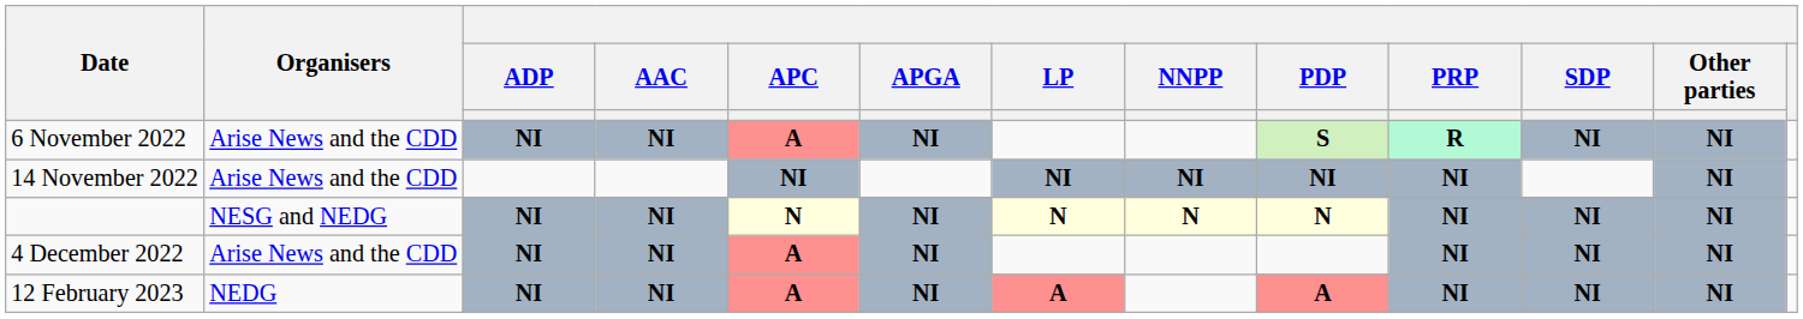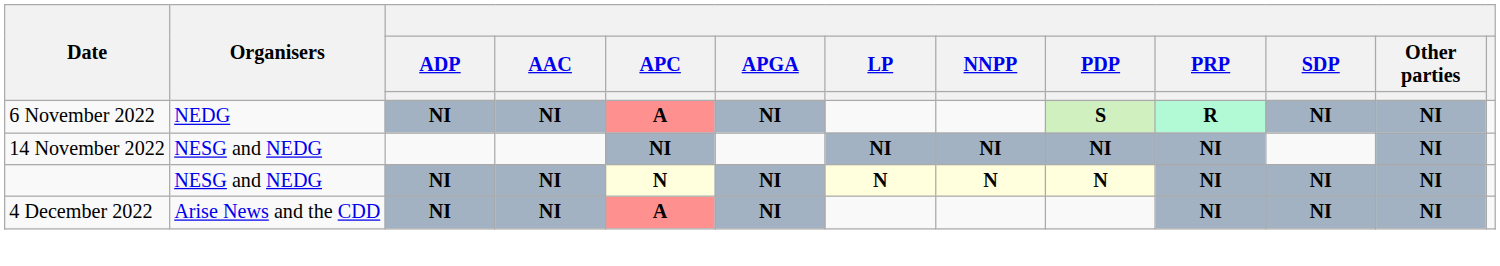 <table class="wikitable" style="text-align:center;">
 <tr>
 <th rowspan="3">Date</th>
 <th rowspan="3">Organisers</th>
 <th colspan="11">      <br>     </th>
 </tr>
 <tr>
 <th scope="col" style="width:5em;"><a href='#'>ADP</a></th>
 <th scope="col" style="width:5em;"><a href='#'>AAC</a></th>
 <th scope="col" style="width:5em;"><a href='#'>APC</a></th>
 <th scope="col" style="width:5em;"><a href='#'>APGA</a></th>
 <th scope="col" style="width:5em;"><a href='#'>LP</a></th>
 <th scope="col" style="width:5em;"><a href='#'>NNPP</a></th>
 <th scope="col" style="width:5em;"><a href='#'>PDP</a></th>
 <th scope="col" style="width:5em;"><a href='#'>PRP</a></th>
 <th scope="col" style="width:5em;"><a href='#'>SDP</a></th>
 <th scope="col" style="width:5em;">Other parties</th>
 <th rowspan="2"></th>
 </tr>
 <tr>
 <th style="background:"></th>
 <th style="background:"></th>
 <th style="background:"></th>
 <th style="background:"></th>
 <th style="background:"></th>
 <th style="background:"></th>
 <th style="background:"></th>
 <th style="background:"></th>
 <th style="background:"></th>
 <th style="background:"></th>
 </tr>
 <tr>
 <td style="white-space:nowrap; text-align:left;">6 November 2022</td>
-<td style="white-space:nowrap; text-align:left;"><a href='#'>Arise News</a> and the <a href='#'>CDD</a></td>
+<td style="white-space:nowrap; text-align:left;"><a href='#'>NEDG</a></td>
 <td style="background:#A2B2C2;"><strong>NI</strong></td>
 <td style="background:#A2B2C2;"><strong>NI</strong></td>
 <td style="background:#FF9090;"><strong>A</strong><br></td>
 <td style="background:#A2B2C2;"><strong>NI</strong></td>
 <td></td>
 <td></td>
 <td style="background:#D0F0C0;"><strong>S</strong><br></td>
 <td style="background:#b2fad5;"><strong>R</strong><br></td>
 <td style="background:#A2B2C2;"><strong>NI</strong></td>
 <td style="background:#A2B2C2;"><strong>NI</strong><br></td>
 <td></td>
 </tr>
 <tr>
 <td style="white-space:nowrap; text-align:left;">14 November 2022</td>
-<td style="white-space:nowrap; text-align:left;"><a href='#'>Arise News</a> and the <a href='#'>CDD</a></td>
+<td style="white-space:nowrap; text-align:left;"><a href='#'>NESG</a> and <a href='#'>NEDG</a></td>
 <td></td>
 <td></td>
 <td style="background:#A2B2C2;"><strong>NI</strong></td>
 <td></td>
 <td style="background:#A2B2C2;"><strong>NI</strong></td>
 <td style="background:#A2B2C2;"><strong>NI</strong></td>
 <td style="background:#A2B2C2;"><strong>NI</strong></td>
 <td style="background:#A2B2C2;"><strong>NI</strong></td>
 <td></td>
 <td style="background:#A2B2C2;"><strong>NI</strong><br></td>
 <td></td>
 </tr>
 <tr>
 <td style="white-space:nowrap; text-align:left;"></td>
 <td style="white-space:nowrap; text-align:left;"><a href='#'>NESG</a> and <a href='#'>NEDG</a></td>
 <td style="background:#A2B2C2;"><strong>NI</strong></td>
 <td style="background:#A2B2C2;"><strong>NI</strong></td>
 <td style="background:#ffffdd;"><strong>N</strong><br></td>
 <td style="background:#A2B2C2;"><strong>NI</strong></td>
 <td style="background:#ffffdd;"><strong>N</strong><br></td>
 <td style="background:#ffffdd;"><strong>N</strong><br></td>
 <td style="background:#ffffdd;"><strong>N</strong><br></td>
 <td style="background:#A2B2C2;"><strong>NI</strong></td>
 <td style="background:#A2B2C2;"><strong>NI</strong></td>
 <td style="background:#A2B2C2;"><strong>NI</strong><br></td>
 <td></td>
 </tr>
 <tr>
 <td style="white-space:nowrap; text-align:left;">4 December 2022</td>
 <td style="white-space:nowrap; text-align:left;"><a href='#'>Arise News</a> and the <a href='#'>CDD</a></td>
 <td style="background:#A2B2C2;"><strong>NI</strong></td>
 <td style="background:#A2B2C2;"><strong>NI</strong></td>
 <td style="background:#FF9090;"><strong>A</strong><br></td>
 <td style="background:#A2B2C2;"><strong>NI</strong></td>
 <td></td>
 <td></td>
 <td></td>
 <td style="background:#A2B2C2;"><strong>NI</strong></td>
 <td style="background:#A2B2C2;"><strong>NI</strong></td>
 <td style="background:#A2B2C2;"><strong>NI</strong><br></td>
 <td></td>
 </tr>
-<tr>
-<td style="white-space:nowrap; text-align:left;">12 February 2023</td>
-<td style="white-space:nowrap; text-align:left;"><a href='#'>NEDG</a></td>
-<td style="background:#A2B2C2;"><strong>NI</strong></td>
-<td style="background:#A2B2C2;"><strong>NI</strong></td>
-<td style="background:#FF9090;"><strong>A</strong><br></td>
-<td style="background:#A2B2C2;"><strong>NI</strong></td>
-<td style="background:#FF9090;"><strong>A</strong><br></td>
-<td></td>
-<td style="background:#FF9090;"><strong>A</strong><br></td>
-<td style="background:#A2B2C2;"><strong>NI</strong></td>
-<td style="background:#A2B2C2;"><strong>NI</strong></td>
-<td style="background:#A2B2C2;"><strong>NI</strong><br></td>
-<td></td>
-</tr>
 </table>
